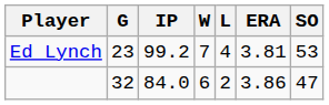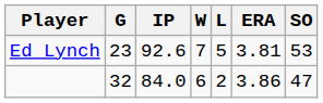 <table class="wikitable sortable">
 <tr>
 <th>Player</th>
 <th>G</th>
 <th>IP</th>
 <th>W</th>
 <th>L</th>
 <th>ERA</th>
 <th>SO</th>
 </tr>
 <tr>
 <td><a href='#'>Ed Lynch</a></td>
 <td>23</td>
-<td>99.2</td>
+<td>92.6</td>
 <td>7</td>
-<td>4</td>
+<td>5</td>
 <td>3.81</td>
 <td>53</td>
 </tr>
 <tr>
 <td></td>
 <td>32</td>
 <td>84.0</td>
 <td>6</td>
 <td>2</td>
 <td>3.86</td>
 <td>47</td>
 </tr>
 </table>
